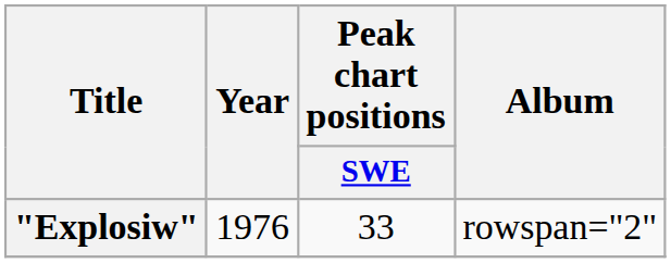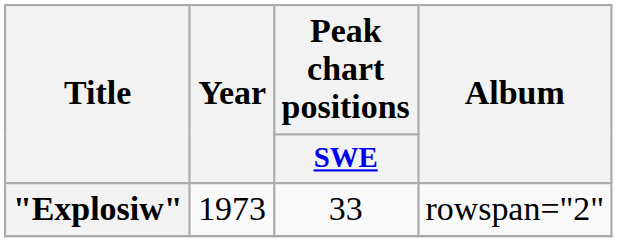 <table class="wikitable plainrowheaders" style="text-align:center;">
 <tr>
 <th scope="col" rowspan="2">Title</th>
 <th scope="col" rowspan="2">Year</th>
 <th scope="col" colspan="1">Peak chart positions</th>
 <th scope="col" rowspan="2">Album</th>
 </tr>
 <tr>
 <th scope="col" style="width:3em;font-size:85%;"><a href='#'>SWE</a></th>
 </tr>
 <tr>
 <th scope="row">"Explosiw"</th>
-<td>1976</td>
+<td>1973</td>
 <td>33</td>
 <td>rowspan="2" </td>
 </tr>
 <tr>
 </tr>
 </table>
